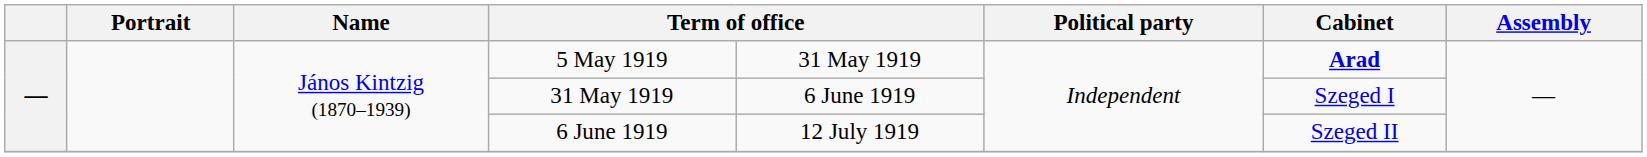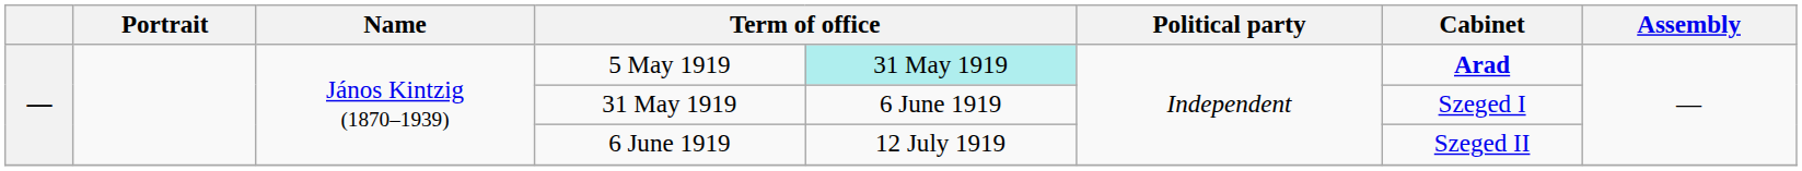 <table class="wikitable" style="width:90%; text-align:center;">
 <tr>
 <th></th>
 <th>Portrait</th>
 <th>Name<br></th>
 <th colspan=2>Term of office</th>
 <th>Political party</th>
 <th>Cabinet</th>
 <th><a href='#'>Assembly</a><br></th>
 </tr>
 <tr>
 <th rowspan="3" style="background-color:">—</th>
 <td rowspan="3"></td>
 <td rowspan="3"><a href='#'>János Kintzig</a><br><small>(1870–1939)</small></td>
 <td>5 May 1919</td>
-<td>31 May 1919</td>
+<td style="background: paleturquoise;">31 May 1919</td>
 <td rowspan="3"><em>Independent</em></td>
 <td><strong><a href='#'>Arad</a></strong></td>
 <td rowspan="3">—</td>
 </tr>
 <tr>
 <td>31 May 1919</td>
 <td>6 June 1919</td>
 <td><a href='#'>Szeged I</a></td>
 </tr>
 <tr>
 <td>6 June 1919</td>
 <td>12 July 1919</td>
 <td><a href='#'>Szeged II</a></td>
 </tr>
 <tr>
 </tr>
 </table>
